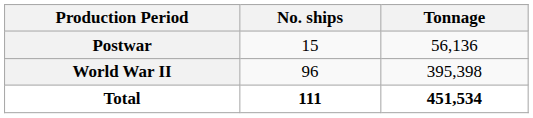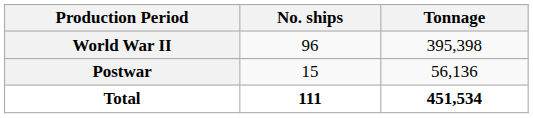 <table class="wikitable" width=56%>
 <tr>
 <th width=20%>Production Period</th>
 <th width=12%>No. ships</th>
 <th width=12%>Tonnage</th>
 </tr>
 <tr align="center">
+<th align="left">World War II</th>
+<td>96</td>
+<td>395,398</td>
+</tr>
+<tr align="center">
 <th align="left">Postwar</th>
 <td>15</td>
 <td>56,136</td>
-</tr>
-<tr align="center">
-<th align="left">World War II</th>
-<td>96</td>
-<td>395,398</td>
 </tr>
 <tr align="center" bgcolor="white" style="font-weight:600;">
 <td>Total</td>
 <td>111</td>
 <td>451,534</td>
 </tr>
 </table>
